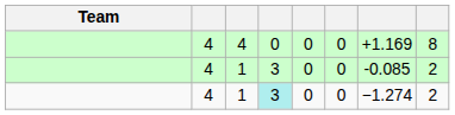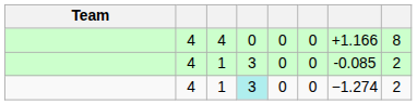 <table class="wikitable" style="text-align:center">
 <tr>
 <th style="width:175px;">Team</th>
 <th style="width:25px;"></th>
 <th style="width:25px;"></th>
 <th style="width:25px;"></th>
 <th style="width:25px;"></th>
 <th style="width:25px;"></th>
 <th style="width:45px;"></th>
 <th style="width:25px;"></th>
 </tr>
 <tr style="background:#cfc;">
 <td align="left"></td>
 <td>4</td>
 <td>4</td>
 <td>0</td>
 <td>0</td>
 <td>0</td>
-<td>+1.169</td>
+<td>+1.166</td>
 <td>8</td>
 </tr>
 <tr style="background:#cfc;">
 <td align="left"></td>
 <td>4</td>
 <td>1</td>
 <td>3</td>
 <td>0</td>
 <td>0</td>
 <td>-0.085</td>
 <td>2</td>
 </tr>
 <tr>
 <td align="left"></td>
 <td>4</td>
 <td>1</td>
 <td style="background: paleturquoise;">3</td>
 <td>0</td>
 <td>0</td>
 <td>−1.274</td>
 <td>2</td>
 </tr>
 </table>
